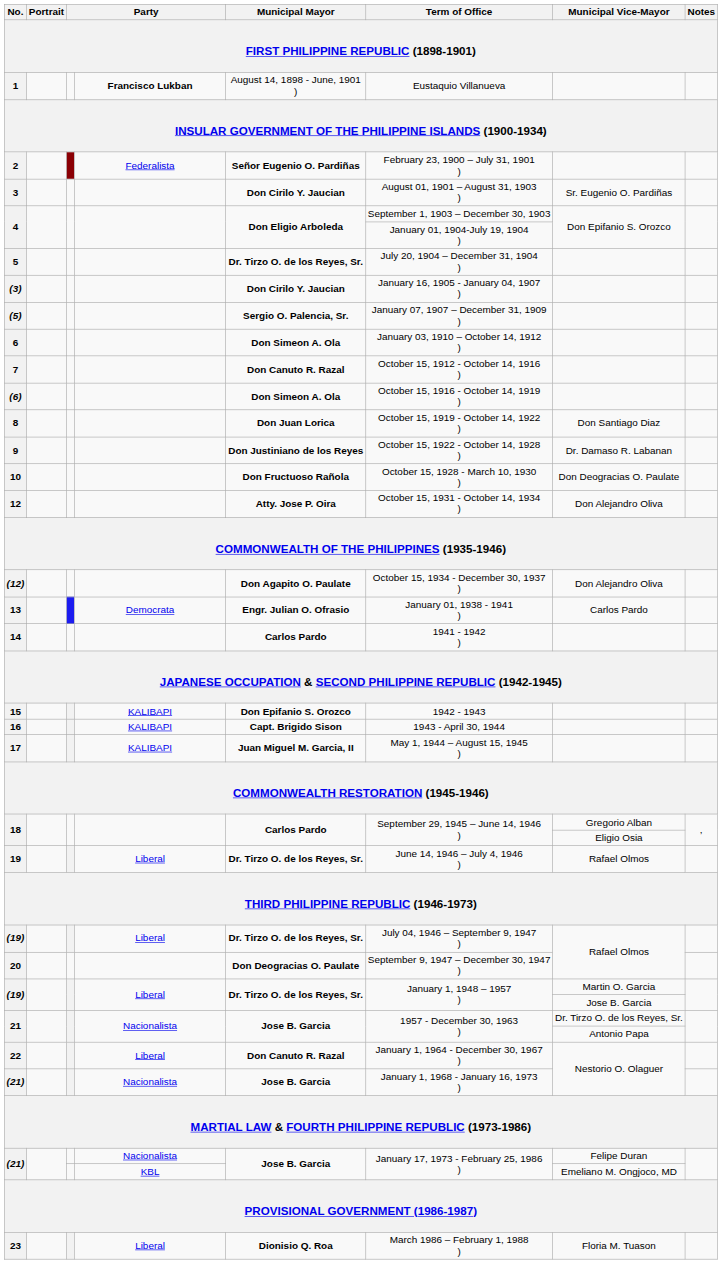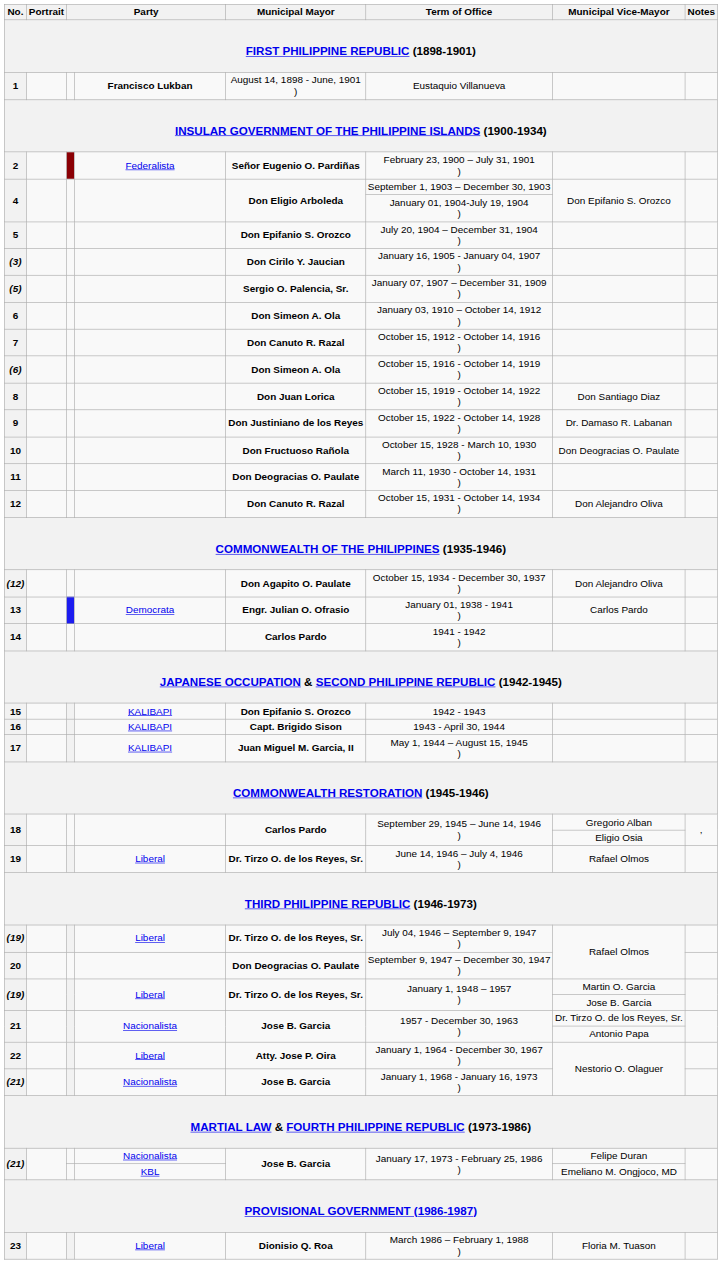 <table class="wikitable" style="text-align:center">
 <tr>
 <th scope="col">No.</th>
 <th scope="col">Portrait</th>
 <th colspan="2" style="width:250px;">Party</th>
 <th scope="col">Municipal Mayor</th>
 <th scope="col">Term of Office</th>
 <th scope="col">Municipal Vice-Mayor</th>
 <th scope="col">Notes</th>
 </tr>
 <tr>
 <th colspan="8"><br><h3><a href='#'>FIRST PHILIPPINE REPUBLIC</a> (1898-1901)</h3></th>
 </tr>
 <tr>
 <th scope="row">1</th>
 <td></td>
 <td></td>
 <td><strong>Francisco Lukban</strong></td>
 <td>August 14, 1898 - June, 1901 <br>)</td>
 <td>Eustaquio Villanueva</td>
 <td></td>
 </tr>
 <tr>
 <th colspan="8"><br><h3><a href='#'>INSULAR GOVERNMENT OF THE PHILIPPINE ISLANDS</a> (1900-1934)</h3></th>
 </tr>
 <tr>
 <th scope="row">2</th>
 <td></td>
 <td style="background-color:#8B0005;"></td>
 <td><a href='#'>Federalista</a></td>
 <td><strong>Señor Eugenio O. Pardiñas</strong></td>
 <td>February 23, 1900 – July 31, 1901 <br>)</td>
 <td></td>
 <td></td>
 </tr>
 <tr>
-<th scope="row">3</th>
-<td></td>
-<td></td>
-<td></td>
-<td><strong>Don Cirilo Y. Jaucian</strong></td>
-<td>August 01, 1901 – August 31, 1903 <br>)</td>
-<td>Sr. Eugenio O. Pardiñas</td>
-<td></td>
-</tr>
-<tr>
 <th scope=row rowspan="2">4</th>
 <td rowspan=2></td>
 <td rowspan=2></td>
 <td rowspan=2></td>
 <td rowspan=2><strong>Don Eligio Arboleda</strong></td>
 <td>September 1, 1903 – December 30, 1903 </td>
 <td rowspan=2>Don Epifanio S. Orozco</td>
 <td rowspan=2></td>
 </tr>
 <tr>
 <td>January 01, 1904-July 19, 1904  <br>)</td>
 </tr>
 <tr>
 <th scope="row">5</th>
 <td></td>
 <td></td>
 <td></td>
-<td><strong>Dr. Tirzo O. de los Reyes, Sr.</strong></td>
+<td><strong>Don Epifanio S. Orozco</strong></td>
 <td>July 20, 1904 – December 31, 1904 <br>)</td>
 <td></td>
 <td></td>
 </tr>
 <tr>
 <th scope="row"><em>(3)</em></th>
 <td></td>
 <td></td>
 <td></td>
 <td><strong>Don Cirilo Y. Jaucian</strong></td>
 <td>January 16, 1905 - January 04, 1907 <br>)</td>
 <td></td>
 <td></td>
 </tr>
 <tr>
 <th scope="row"><em>(5)</em></th>
 <td></td>
 <td></td>
 <td></td>
 <td><strong>Sergio O. Palencia, Sr.</strong></td>
 <td>January 07, 1907 – December 31, 1909 <br>)</td>
 <td></td>
 <td></td>
 </tr>
 <tr>
 <th scope="row">6</th>
 <td></td>
 <td></td>
 <td></td>
 <td><strong>Don Simeon A. Ola</strong></td>
 <td>January 03, 1910 – October 14, 1912 <br>)</td>
 <td></td>
 <td></td>
 </tr>
 <tr>
 <th scope="row">7</th>
 <td></td>
 <td></td>
 <td></td>
 <td><strong>Don Canuto R. Razal</strong></td>
 <td>October 15, 1912 - October 14, 1916 <br>)</td>
 <td></td>
 <td></td>
 </tr>
 <tr>
 <th scope="row"><em>(6)</em></th>
 <td></td>
 <td></td>
 <td></td>
 <td><strong>Don Simeon A. Ola</strong></td>
 <td>October 15, 1916 - October 14, 1919 <br>)</td>
 <td></td>
 <td></td>
 </tr>
 <tr>
 <th scope="row">8</th>
 <td></td>
 <td></td>
 <td></td>
 <td><strong>Don Juan Lorica</strong></td>
 <td>October 15, 1919 - October 14, 1922 <br>)</td>
 <td>Don Santiago Diaz</td>
 <td></td>
 </tr>
 <tr>
 <th scope="row">9</th>
 <td></td>
 <td></td>
 <td></td>
 <td><strong>Don Justiniano de los Reyes</strong></td>
 <td>October 15, 1922 - October 14, 1928 <br>)</td>
 <td>Dr. Damaso R. Labanan </td>
 <td></td>
 </tr>
 <tr>
 <th scope="row">10</th>
 <td></td>
 <td></td>
 <td></td>
 <td><strong>Don Fructuoso Rañola</strong></td>
 <td>October 15, 1928 - March 10, 1930 <br>)</td>
 <td>Don Deogracias O. Paulate</td>
 <td></td>
 </tr>
 <tr>
+<th scope="row">11</th>
+<td></td>
+<td></td>
+<td></td>
+<td><strong>Don Deogracias O. Paulate</strong></td>
+<td>March 11, 1930 - October 14, 1931 <br>)</td>
+<td></td>
+<td></td>
+</tr>
+<tr>
 <th scope="row">12</th>
 <td></td>
 <td></td>
 <td></td>
-<td><strong>Atty. Jose P. Oira</strong></td>
+<td><strong>Don Canuto R. Razal</strong></td>
 <td>October 15, 1931 - October 14, 1934 <br>)</td>
 <td>Don Alejandro Oliva</td>
 <td></td>
 </tr>
 <tr>
 <th colspan="8"><br><h3><a href='#'>COMMONWEALTH OF THE PHILIPPINES</a> (1935-1946)</h3></th>
 </tr>
 <tr>
 <th scope="row"><em>(12)</em></th>
 <td></td>
 <td></td>
 <td></td>
 <td><strong>Don Agapito O. Paulate</strong></td>
 <td>October 15, 1934 - December 30, 1937 <br>)</td>
 <td>Don Alejandro Oliva</td>
 <td></td>
 </tr>
 <tr>
 <th scope="row">13</th>
 <td></td>
 <th style="background-color:#1C1CF0;"></th>
 <td><a href='#'>Democrata</a></td>
 <td><strong>Engr. Julian O. Ofrasio</strong></td>
 <td>January 01, 1938 - 1941 <br>)</td>
 <td>Carlos Pardo</td>
 <td></td>
 </tr>
 <tr>
 <th scope="row">14</th>
 <td></td>
 <td></td>
 <td></td>
 <td><strong>Carlos Pardo</strong></td>
 <td>1941 - 1942 <br>)</td>
 <td></td>
 <td></td>
 </tr>
 <tr>
 <th colspan="8"><br><h3><a href='#'>JAPANESE OCCUPATION</a> & <a href='#'>SECOND PHILIPPINE REPUBLIC</a> (1942-1945)</h3></th>
 </tr>
 <tr>
 <th scope="row">15</th>
 <td></td>
 <th style="background:"></th>
 <td><a href='#'>KALIBAPI</a></td>
 <td><strong>Don Epifanio S. Orozco</strong></td>
 <td>1942 - 1943</td>
 <td></td>
 <td></td>
 </tr>
 <tr>
 <th scope="row">16</th>
 <td></td>
 <th style="background:"></th>
 <td><a href='#'>KALIBAPI</a></td>
 <td><strong>Capt. Brigido Sison</strong></td>
 <td>1943 - April 30, 1944</td>
 <td></td>
 <td></td>
 </tr>
 <tr>
 <th scope="row">17</th>
 <td></td>
 <th style="background:"></th>
 <td><a href='#'>KALIBAPI</a></td>
 <td><strong>Juan Miguel M. Garcia, II</strong></td>
 <td>May 1, 1944 – August 15, 1945 <br>)</td>
 <td></td>
 <td></td>
 </tr>
 <tr>
 <th colspan="8"><br><h3><a href='#'>COMMONWEALTH RESTORATION</a> (1945-1946)</h3></th>
 </tr>
 <tr>
 <th scope=row rowspan="2">18</th>
 <td rowspan=2></td>
 <td rowspan=2></td>
 <td rowspan=2></td>
 <td rowspan=2><strong>Carlos Pardo</strong></td>
 <td rowspan=2>September 29, 1945 – June 14, 1946 <br>)</td>
 <td>Gregorio Alban </td>
 <td rowspan=2>, </td>
 </tr>
 <tr>
 <td>Eligio Osia </td>
 </tr>
 <tr>
 <th scope=row>19</th>
 <td></td>
 <th style="background:"></th>
 <td><a href='#'>Liberal</a></td>
 <td><strong>Dr. Tirzo O. de los Reyes, Sr.</strong></td>
 <td>June 14, 1946 – July 4, 1946 <br>)</td>
 <td>Rafael Olmos </td>
 <td></td>
 </tr>
 <tr>
 <th colspan="8"><br><h3><a href='#'>THIRD PHILIPPINE REPUBLIC</a> (1946-1973)</h3></th>
 </tr>
 <tr>
 <th scope=row><em>(19)</em></th>
 <td></td>
 <th style="background:"></th>
 <td><a href='#'>Liberal</a></td>
 <td><strong>Dr. Tirzo O. de los Reyes, Sr.</strong></td>
 <td>July 04, 1946 – September 9, 1947 <br>)</td>
 <td rowspan=2>Rafael Olmos </td>
 <td></td>
 </tr>
 <tr>
 <th scope="row">20</th>
 <td></td>
 <td></td>
 <td></td>
 <td><strong>Don Deogracias O. Paulate</strong></td>
 <td>September 9, 1947 – December 30, 1947 <br>)</td>
 <td></td>
 </tr>
 <tr>
 <th scope=row rowspan="2"><em>(19)</em></th>
 <td rowspan=2></td>
 <th rowspan="2" style="background:"></th>
 <td rowspan="2"><a href='#'>Liberal</a></td>
 <td rowspan=2><strong>Dr. Tirzo O. de los Reyes, Sr.</strong></td>
 <td rowspan=2>January 1, 1948 – 1957 <br>)</td>
 <td>Martin O. Garcia </td>
 <td rowspan=2></td>
 </tr>
 <tr>
 <td>Jose B. Garcia </td>
 </tr>
 <tr>
 <th scope=row rowspan="2">21</th>
 <td rowspan=2></td>
 <th rowspan="2" style="background:"></th>
 <td rowspan="2"><a href='#'>Nacionalista</a></td>
 <td rowspan=2><strong>Jose B. Garcia</strong></td>
 <td rowspan=2>1957 - December 30, 1963 <br>)</td>
 <td>Dr. Tirzo O. de los Reyes, Sr. </td>
 <td rowspan=2></td>
 </tr>
 <tr>
 <td>Antonio Papa </td>
 </tr>
 <tr>
 <th scope="row">22</th>
 <td></td>
 <th style="background:"></th>
 <td><a href='#'>Liberal</a></td>
-<td><strong>Don Canuto R. Razal</strong></td>
+<td><strong>Atty. Jose P. Oira</strong></td>
 <td>January 1, 1964 - December 30, 1967 <br>)</td>
 <td rowspan="2">Nestorio O. Olaguer </td>
 <td></td>
 </tr>
 <tr>
 <th scope="row"><em>(21)</em></th>
 <td></td>
 <th style="background:"></th>
 <td><a href='#'>Nacionalista</a></td>
 <td><strong>Jose B. Garcia</strong></td>
 <td>January 1, 1968 - January 16, 1973 <br>)</td>
 <td></td>
 </tr>
 <tr>
 <th colspan="8"><br><h3><a href='#'>MARTIAL LAW</a> & <a href='#'>FOURTH PHILIPPINE REPUBLIC</a> (1973-1986)</h3></th>
 </tr>
 <tr>
 <th scope=row rowspan="2"><em>(21)</em></th>
 <td rowspan=2></td>
 <td style="color:inherit;background:"></td>
 <td><a href='#'>Nacionalista</a></td>
 <td rowspan=2><strong>Jose B. Garcia</strong></td>
 <td rowspan=2>January 17, 1973 - February 25, 1986 <br>)</td>
 <td>Felipe Duran </td>
 <td rowspan=2></td>
 </tr>
 <tr>
 <td style="color:inherit;background:"></td>
 <td><a href='#'>KBL</a></td>
 <td>Emeliano M. Ongjoco, MD </td>
 </tr>
 <tr>
 <th colspan="8"><br><h3><a href='#'>PROVISIONAL GOVERNMENT (1986-1987)</a></h3></th>
 </tr>
 <tr>
 <th scope="row">23</th>
 <td></td>
 <th style="background:"></th>
 <td><a href='#'>Liberal</a></td>
 <td><strong>Dionisio Q. Roa</strong></td>
 <td>March 1986 – February 1, 1988 <br>)</td>
 <td>Floria M. Tuason</td>
 <td></td>
 </tr>
 </table>
